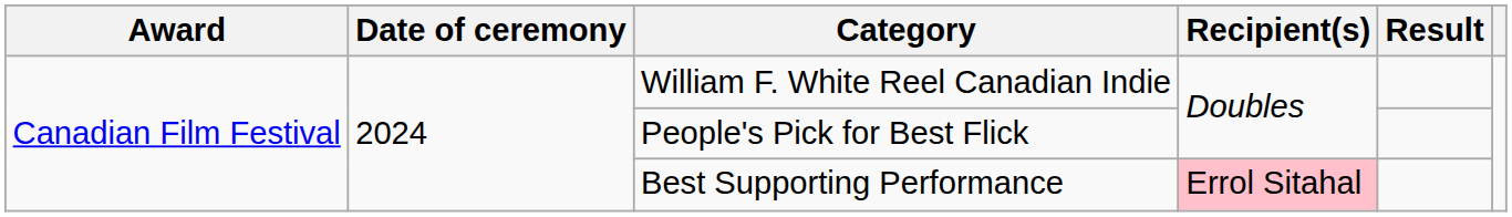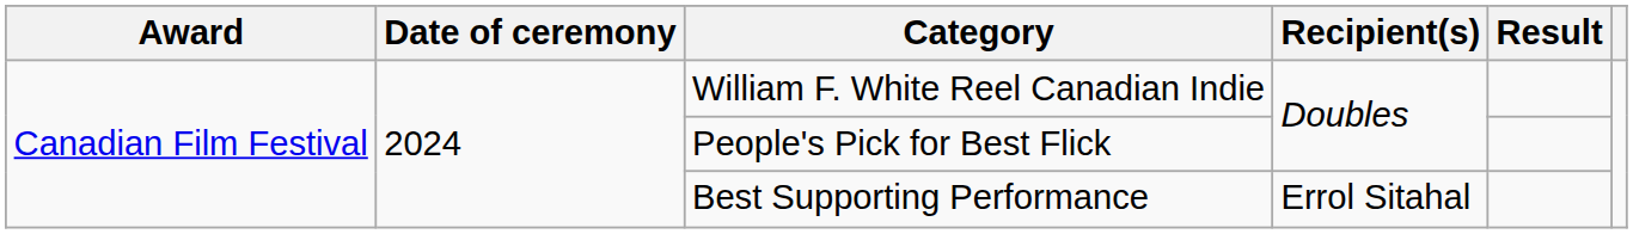 <table class="wikitable plainrowheaders sortable">
 <tr>
 <th scope="col">Award</th>
 <th scope="col">Date of ceremony</th>
 <th scope="col">Category</th>
 <th scope="col">Recipient(s)</th>
 <th scope="col">Result</th>
 <th scope="col" class="unsortable"></th>
 </tr>
 <tr>
 <td rowspan=3><a href='#'>Canadian Film Festival</a></td>
 <td rowspan=3>2024</td>
 <td>William F. White Reel Canadian Indie</td>
 <td rowspan=2><em>Doubles</em></td>
 <td></td>
 <td rowspan=3></td>
 </tr>
 <tr>
 <td>People's Pick for Best Flick</td>
 <td></td>
 </tr>
 <tr>
 <td>Best Supporting Performance</td>
-<td style="background: pink;">Errol Sitahal</td>
+<td>Errol Sitahal</td>
 <td></td>
 </tr>
 </table>
